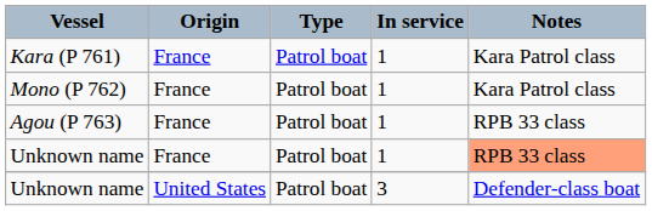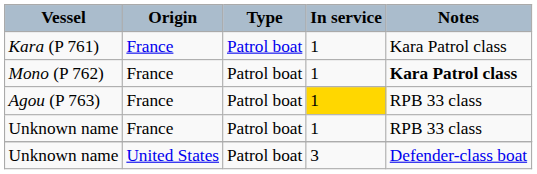 <table class="wikitable">
 <tr>
 <th style="text-align:center; background:#aabccc;">Vessel</th>
 <th style="text-align: center; background:#aabccc;">Origin</th>
 <th style="text-align:l center; background:#aabccc;">Type</th>
 <th style="text-align:l center; background:#aabccc;">In service</th>
 <th style="text-align: center; background:#aabccc;">Notes</th>
 </tr>
 <tr>
 <td><em>Kara</em> (P 761)</td>
 <td><a href='#'>France</a></td>
 <td><a href='#'>Patrol boat</a></td>
 <td>1</td>
 <td>Kara Patrol class</td>
 </tr>
 <tr>
 <td><em>Mono</em> (P 762)</td>
 <td>France</td>
 <td>Patrol boat</td>
 <td>1</td>
-<td>Kara Patrol class</td>
+<td><strong>Kara Patrol class</strong></td>
 </tr>
 <tr>
 <td><em>Agou</em> (P 763)</td>
 <td>France</td>
 <td>Patrol boat</td>
-<td>1</td>
+<td style="background: gold;">1</td>
 <td>RPB 33 class</td>
 </tr>
 <tr>
 <td>Unknown name</td>
 <td>France</td>
 <td>Patrol boat</td>
 <td>1</td>
-<td style="background: lightsalmon;">RPB 33 class</td>
+<td>RPB 33 class</td>
 </tr>
 <tr>
 </tr>
 <tr>
 <td>Unknown name</td>
 <td><a href='#'>United States</a></td>
 <td>Patrol boat</td>
 <td>3</td>
 <td><a href='#'>Defender-class boat</a></td>
 </tr>
 </table>
